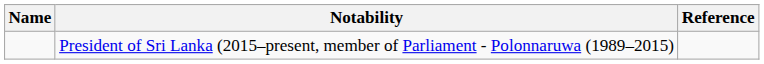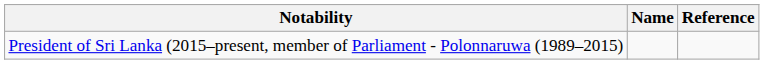 <table class="wikitable">
 <tr>
+<th>Notability</th>
 <th>Name</th>
-<th>Notability</th>
 <th>Reference</th>
 </tr>
 <tr>
+<td><a href='#'>President of Sri Lanka</a> (2015–present, member of <a href='#'>Parliament</a> - <a href='#'>Polonnaruwa</a> (1989–2015)</td>
 <td></td>
-<td><a href='#'>President of Sri Lanka</a> (2015–present, member of <a href='#'>Parliament</a> - <a href='#'>Polonnaruwa</a> (1989–2015)</td>
 <td></td>
 </tr>
 </table>
